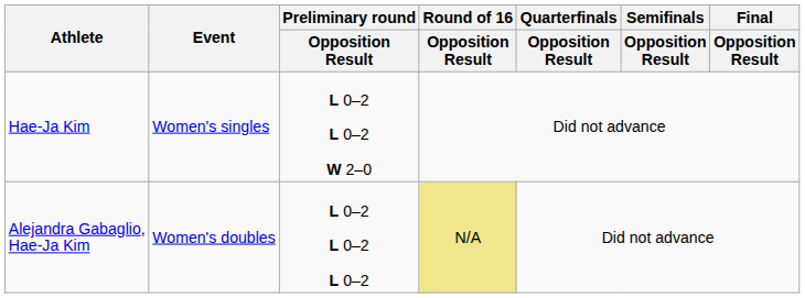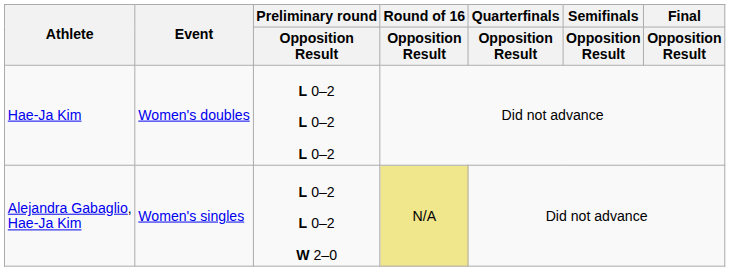 <table class="wikitable" style="font-size:90%">
 <tr>
 <th rowspan="2">Athlete</th>
 <th rowspan="2">Event</th>
 <th>Preliminary round</th>
 <th>Round of 16</th>
 <th>Quarterfinals</th>
 <th>Semifinals</th>
 <th>Final</th>
 </tr>
 <tr>
 <th>Opposition<br>Result</th>
 <th>Opposition<br>Result</th>
 <th>Opposition<br>Result</th>
 <th>Opposition<br>Result</th>
 <th>Opposition<br>Result</th>
 </tr>
 <tr>
 <td><a href='#'>Hae-Ja Kim</a></td>
-<td><a href='#'>Women's singles</a></td>
-<td align="center"><br> <strong>L</strong> 0–2<br><br><strong>L</strong> 0–2<br><br><strong>W</strong> 2–0</td>
+<td><a href='#'>Women's doubles</a></td>
+<td align="center"><br> <strong>L</strong> 0–2<br><br> <strong>L</strong> 0–2<br><br> <strong>L</strong> 0–2</td>
 <td align="center" colspan="4">Did not advance</td>
 </tr>
 <tr>
 <td><a href='#'>Alejandra Gabaglio</a>, <br> <a href='#'>Hae-Ja Kim</a></td>
-<td><a href='#'>Women's doubles</a></td>
-<td align="center"><br> <strong>L</strong> 0–2<br><br> <strong>L</strong> 0–2<br><br> <strong>L</strong> 0–2</td>
+<td><a href='#'>Women's singles</a></td>
+<td align="center"><br> <strong>L</strong> 0–2<br><br><strong>L</strong> 0–2<br><br><strong>W</strong> 2–0</td>
 <td align="center" style="background: khaki;">N/A</td>
 <td align="center" colspan="3">Did not advance</td>
 </tr>
 </table>
